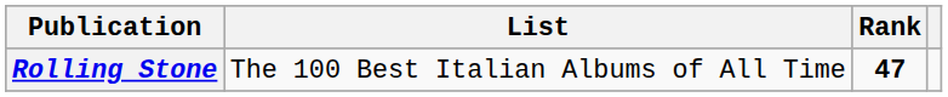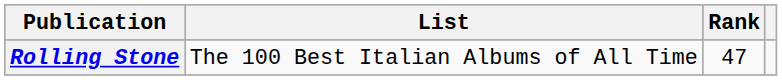 <table class="wikitable sortable plainrowheaders">
 <tr>
 <th scope="col">Publication</th>
 <th scope="col" class="unsortable">List</th>
 <th scope="col" data-sort-type="number">Rank</th>
 <th scope="col" class="unsortable"></th>
 </tr>
 <tr>
 <th scope="row"><em><a href='#'>Rolling Stone</a></em></th>
 <td>The 100 Best Italian Albums of All Time</td>
-<td style="text-align: center;"><strong>47</strong></td>
+<td style="text-align: center;">47</td>
 <td style="text-align: center;"></td>
 </tr>
 </table>
